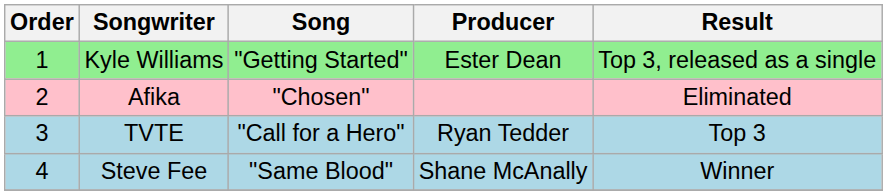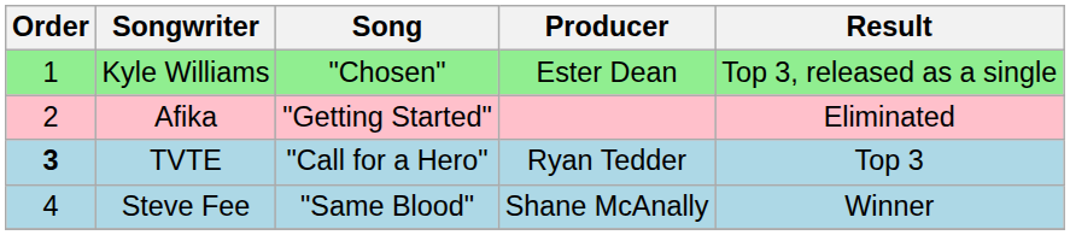 <table class="wikitable plainrowheaders"  style="text-align:center">
 <tr>
 <th style="row">Order</th>
 <th style="row">Songwriter</th>
 <th style="row">Song</th>
 <th style="row">Producer</th>
 <th style="row">Result</th>
 </tr>
 <tr style="background:lightgreen;">
 <td>1</td>
 <td>Kyle Williams</td>
-<td>"Getting Started"</td>
+<td>"Chosen"</td>
 <td>Ester Dean</td>
 <td>Top 3, released as a single</td>
 </tr>
 <tr style="background:pink;">
 <td>2</td>
 <td>Afika</td>
-<td>"Chosen"</td>
+<td>"Getting Started"</td>
 <td></td>
 <td>Eliminated</td>
 </tr>
 <tr style="background:lightblue;">
-<td>3</td>
+<td><strong>3</strong></td>
 <td>TVTE</td>
 <td>"Call for a Hero"</td>
 <td>Ryan Tedder</td>
 <td>Top 3</td>
 </tr>
 <tr style="background:lightblue;">
 <td>4</td>
 <td>Steve Fee</td>
 <td>"Same Blood"</td>
 <td>Shane McAnally</td>
 <td>Winner</td>
 </tr>
 <tr>
 </tr>
 </table>
